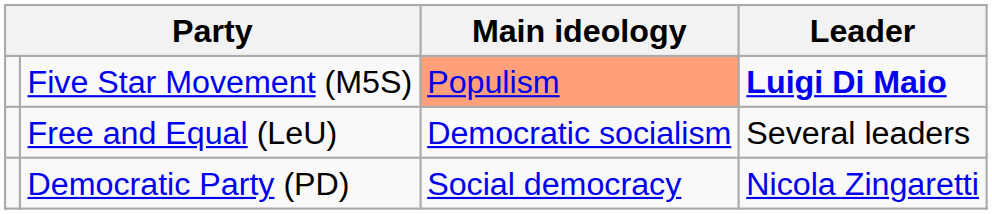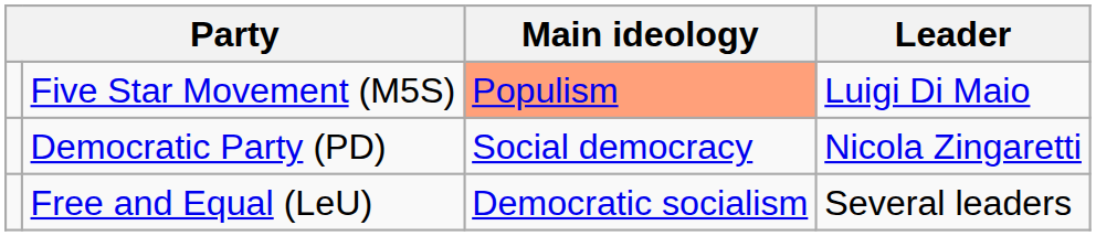 <table class="wikitable" style="font-size:95%">
 <tr>
 <th colspan=2>Party</th>
 <th>Main ideology</th>
 <th>Leader</th>
 </tr>
 <tr>
 <td style="color:inherit;background:"></td>
 <td><a href='#'>Five Star Movement</a> (M5S)</td>
 <td style="background: lightsalmon;"><a href='#'>Populism</a></td>
-<td><strong><a href='#'>Luigi Di Maio</a></strong></td>
+<td><a href='#'>Luigi Di Maio</a></td>
+</tr>
+<tr>
+<td style="color:inherit;background:"></td>
+<td><a href='#'>Democratic Party</a> (PD)</td>
+<td><a href='#'>Social democracy</a></td>
+<td><a href='#'>Nicola Zingaretti</a></td>
 </tr>
 <tr>
 <td style="color:inherit;background:"></td>
 <td><a href='#'>Free and Equal</a> (LeU)</td>
 <td><a href='#'>Democratic socialism</a></td>
 <td>Several leaders</td>
 </tr>
-<tr>
-<td style="color:inherit;background:"></td>
-<td><a href='#'>Democratic Party</a> (PD)</td>
-<td><a href='#'>Social democracy</a></td>
-<td><a href='#'>Nicola Zingaretti</a></td>
-</tr>
 </table>
